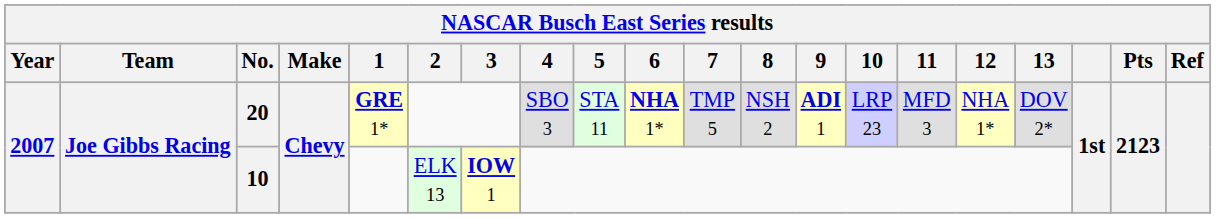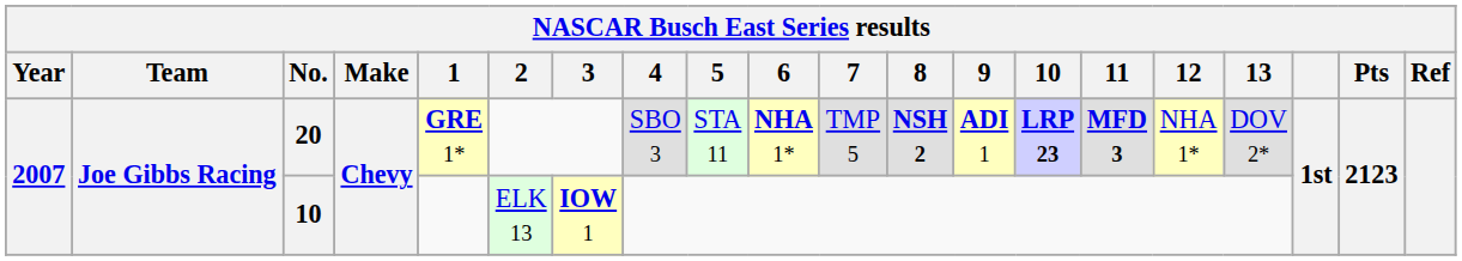 <table class="wikitable" style="text-align:center; font-size:75%">
 <tr>
 <th colspan=20><a href='#'>NASCAR Busch East Series</a> results</th>
 </tr>
 <tr>
 <th>Year</th>
 <th>Team</th>
 <th>No.</th>
 <th>Make</th>
 <th>1</th>
 <th>2</th>
 <th>3</th>
 <th>4</th>
 <th>5</th>
 <th>6</th>
 <th>7</th>
 <th>8</th>
 <th>9</th>
 <th>10</th>
 <th>11</th>
 <th>12</th>
 <th>13</th>
 <th></th>
 <th>Pts</th>
 <th>Ref</th>
 </tr>
 <tr>
 <th rowspan=2><a href='#'>2007</a></th>
 <th rowspan=2><a href='#'>Joe Gibbs Racing</a></th>
 <th>20</th>
 <th rowspan=2><a href='#'>Chevy</a></th>
 <td style="background:#FFFFBF;"><strong><a href='#'>GRE</a></strong><br><small>1*</small></td>
 <td colspan=2></td>
 <td style="background:#DFDFDF;"><a href='#'>SBO</a><br><small>3</small></td>
 <td style="background:#DFFFDF;"><a href='#'>STA</a><br><small>11</small></td>
 <td style="background:#FFFFBF;"><strong><a href='#'>NHA</a></strong><br><small>1*</small></td>
 <td style="background:#DFDFDF;"><a href='#'>TMP</a><br><small>5</small></td>
-<td style="background:#DFDFDF;"><a href='#'>NSH</a><br><small>2</small></td>
+<td style="background:#DFDFDF;"><strong><a href='#'>NSH</a><br><small>2</small></strong></td>
 <td style="background:#FFFFBF;"><strong><a href='#'>ADI</a></strong><br><small>1</small></td>
-<td style="background:#CFCFFF;"><a href='#'>LRP</a><br><small>23</small></td>
-<td style="background:#DFDFDF;"><a href='#'>MFD</a><br><small>3</small></td>
+<td style="background:#CFCFFF;"><strong><a href='#'>LRP</a><br><small>23</small></strong></td>
+<td style="background:#DFDFDF;"><strong><a href='#'>MFD</a><br><small>3</small></strong></td>
 <td style="background:#FFFFBF;"><a href='#'>NHA</a><br><small>1*</small></td>
 <td style="background:#DFDFDF;"><a href='#'>DOV</a><br><small>2*</small></td>
 <th rowspan=2>1st</th>
 <th rowspan=2>2123</th>
 <th rowspan=2></th>
 </tr>
 <tr>
 <th>10</th>
 <td></td>
 <td style="background:#DFFFDF;"><a href='#'>ELK</a><br><small>13</small></td>
 <td style="background:#FFFFBF;"><strong><a href='#'>IOW</a></strong><br><small>1</small></td>
 <td colspan=10></td>
 </tr>
 </table>
